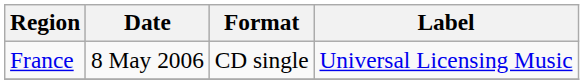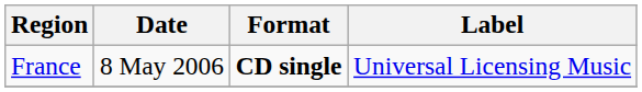 <table class=wikitable>
 <tr>
 <th>Region</th>
 <th>Date</th>
 <th>Format</th>
 <th>Label</th>
 </tr>
 <tr>
 <td><a href='#'>France</a></td>
 <td>8 May 2006</td>
-<td>CD single</td>
+<td><strong>CD single</strong></td>
 <td><a href='#'>Universal Licensing Music</a></td>
 </tr>
 <tr>
 </tr>
 </table>
